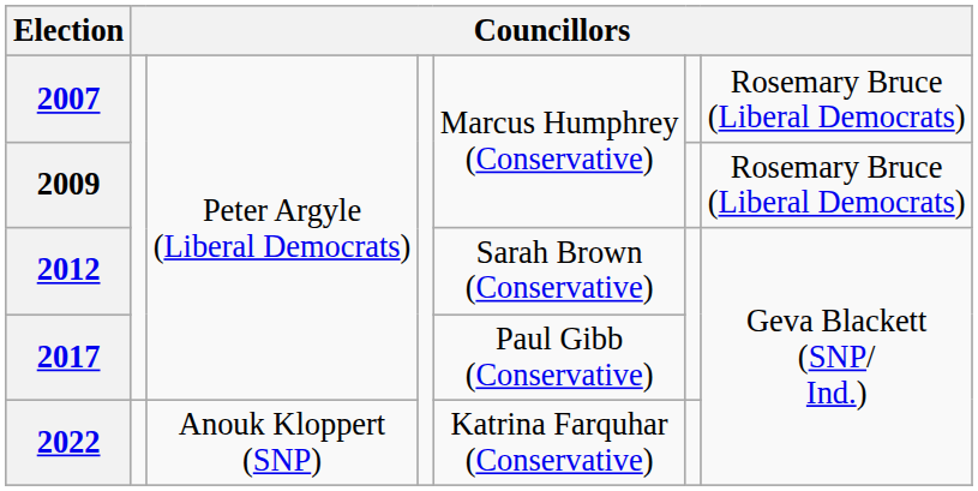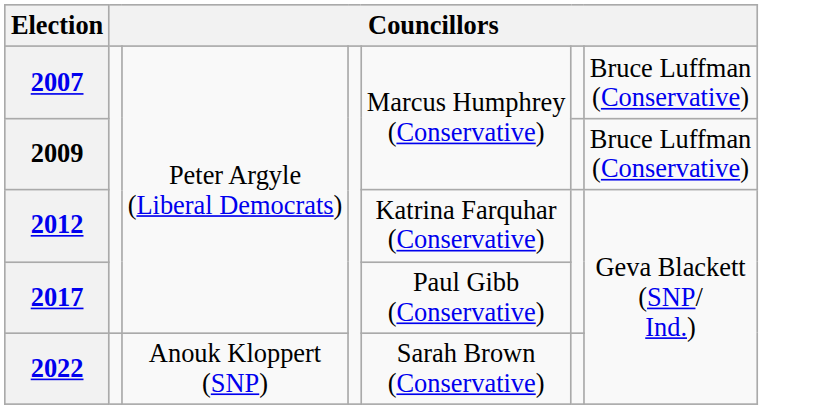 <table class="wikitable" style="text-align:center">
 <tr>
 <th>Election</th>
 <th colspan=8>Councillors</th>
 </tr>
 <tr>
 <th><a href='#'>2007</a></th>
 <td rowspan=4; style="background-color: "></td>
 <td rowspan=4>Peter Argyle<br>(<a href='#'>Liberal Democrats</a>)</td>
 <td rowspan=5; style="background-color: "></td>
 <td rowspan=2>Marcus Humphrey<br>(<a href='#'>Conservative</a>)</td>
 <td rowspan=1; style="background-color: "></td>
-<td rowspan=1>Rosemary Bruce<br>(<a href='#'>Liberal Democrats</a>)</td>
+<td>Bruce Luffman<br>(<a href='#'>Conservative</a>)</td>
 </tr>
 <tr>
 <th>2009</th>
 <td rowspan=1; style="background-color: "></td>
-<td rowspan=1>Rosemary Bruce<br>(<a href='#'>Liberal Democrats</a>)</td>
+<td>Bruce Luffman<br>(<a href='#'>Conservative</a>)</td>
 </tr>
 <tr>
 <th><a href='#'>2012</a></th>
-<td rowspan=1>Sarah Brown<br>(<a href='#'>Conservative</a>)</td>
+<td rowspan=1>Katrina Farquhar<br>(<a href='#'>Conservative</a>)</td>
 <td rowspan=2; style="background-color: "></td>
 <td rowspan=3>Geva Blackett<br>(<a href='#'>SNP</a>/<br><a href='#'>Ind.</a>)</td>
 </tr>
 <tr>
 <th><a href='#'>2017</a></th>
 <td rowspan=1>Paul Gibb<br>(<a href='#'>Conservative</a>)</td>
 </tr>
 <tr>
 <th><a href='#'>2022</a></th>
 <td rowspan=2; style="background-color: "></td>
 <td rowspan=3>Anouk Kloppert<br>(<a href='#'>SNP</a>)</td>
-<td rowspan=1>Katrina Farquhar<br>(<a href='#'>Conservative</a>)</td>
+<td rowspan=1>Sarah Brown<br>(<a href='#'>Conservative</a>)</td>
 <td rowspan=1; style="background-color: "></td>
 </tr>
 </table>
